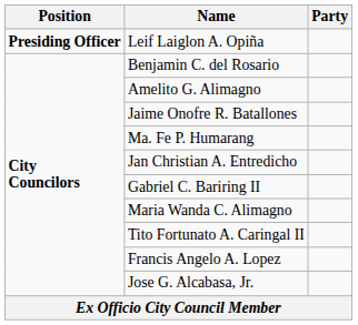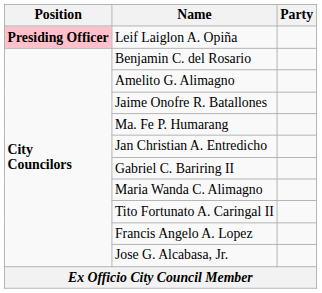 <table class=wikitable>
 <tr>
 <th>Position</th>
 <th>Name</th>
 <th colspan=2>Party</th>
 </tr>
 <tr>
-<td><strong>Presiding Officer</strong></td>
+<td style="background: pink;"><strong>Presiding Officer</strong></td>
 <td>Leif Laiglon A. Opiña</td>
 <td></td>
 </tr>
 <tr>
 <td rowspan=10><strong>City<br>Councilors</strong></td>
 <td>Benjamin C. del Rosario</td>
 <td></td>
 </tr>
 <tr>
 <td>Amelito G. Alimagno</td>
 <td></td>
 </tr>
 <tr>
 <td>Jaime Onofre R. Batallones</td>
 <td></td>
 </tr>
 <tr>
 <td>Ma. Fe P. Humarang</td>
 <td></td>
 </tr>
 <tr>
 <td>Jan Christian A. Entredicho</td>
 <td></td>
 </tr>
 <tr>
 <td>Gabriel C. Bariring II</td>
 <td></td>
 </tr>
 <tr>
 <td>Maria Wanda C. Alimagno</td>
 <td></td>
 </tr>
 <tr>
 <td>Tito Fortunato A. Caringal II</td>
 <td></td>
 </tr>
 <tr>
 <td>Francis Angelo A. Lopez</td>
 <td></td>
 </tr>
 <tr>
 <td>Jose G. Alcabasa, Jr.</td>
 <td></td>
 </tr>
 <tr>
 <th colspan=4><strong><em>Ex Officio<em> City Council Member<strong></th>
 </tr>
 </table>
